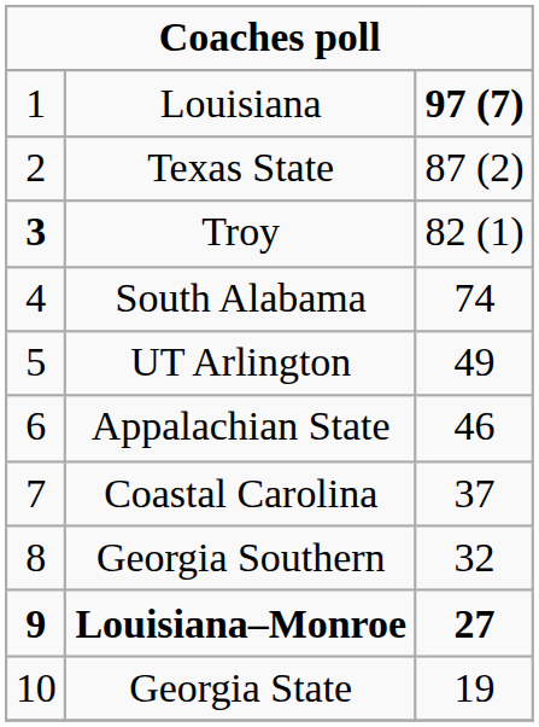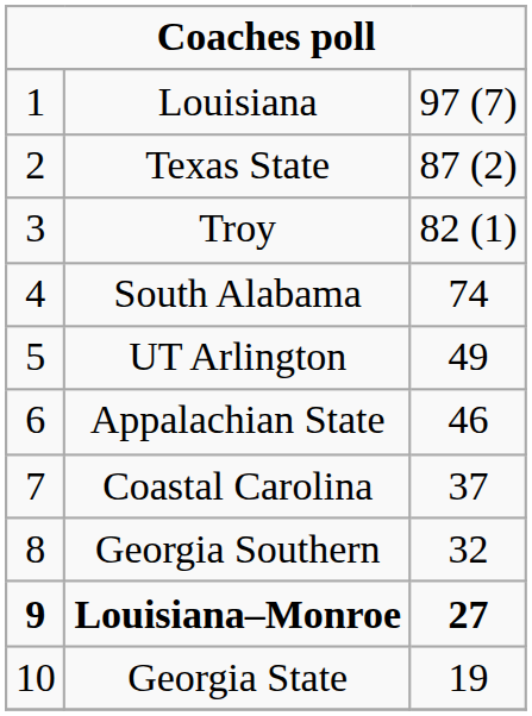 <table class="wikitable">
 <tr align="center">
 <td align="center" Colspan="3"><strong>Coaches poll</strong></td>
 </tr>
 <tr align="center">
 </tr>
 <tr align="center">
 <td>1</td>
 <td>Louisiana</td>
-<td><strong>97 (7)</strong></td>
+<td>97 (7)</td>
 </tr>
 <tr align="center">
 <td>2</td>
 <td>Texas State</td>
 <td>87 (2)</td>
 </tr>
 <tr align="center">
-<td><strong>3</strong></td>
+<td>3</td>
 <td>Troy</td>
 <td>82 (1)</td>
 </tr>
 <tr align="center">
 <td>4</td>
 <td>South Alabama</td>
 <td>74</td>
 </tr>
 <tr align="center">
 <td>5</td>
 <td>UT Arlington</td>
 <td>49</td>
 </tr>
 <tr align="center">
 <td>6</td>
 <td>Appalachian State</td>
 <td>46</td>
 </tr>
 <tr align="center">
 <td>7</td>
 <td>Coastal Carolina</td>
 <td>37</td>
 </tr>
 <tr align="center">
 <td>8</td>
 <td>Georgia Southern</td>
 <td>32</td>
 </tr>
 <tr align="center">
 <td><strong>9</strong></td>
 <td><strong>Louisiana–Monroe</strong></td>
 <td><strong>27</strong></td>
 </tr>
 <tr align="center">
 <td>10</td>
 <td>Georgia State</td>
 <td>19</td>
 </tr>
 <tr align="center">
 </tr>
 </table>
